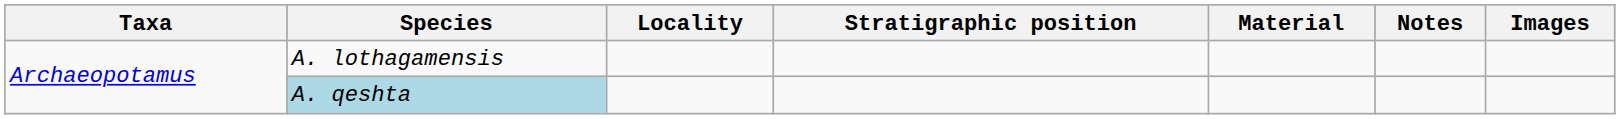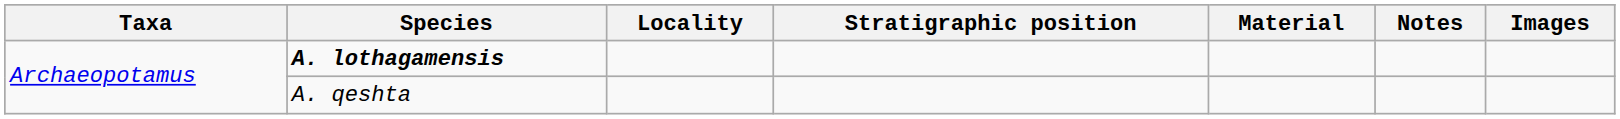 <table class="wikitable sortable" align="center" width="75%">
 <tr>
 <th>Taxa</th>
 <th>Species</th>
 <th>Locality</th>
 <th>Stratigraphic position</th>
 <th>Material</th>
 <th>Notes</th>
 <th>Images</th>
 </tr>
 <tr>
 <td rowspan = "2"><em><a href='#'>Archaeopotamus</a></em></td>
-<td><em>A. lothagamensis</em></td>
+<td><strong><em>A. lothagamensis</em></strong></td>
 <td></td>
 <td></td>
 <td></td>
 <td></td>
 <td></td>
 </tr>
 <tr>
-<td style="background: lightblue;"><em>A. qeshta</em></td>
+<td><em>A. qeshta</em></td>
 <td></td>
 <td></td>
 <td></td>
 <td></td>
 <td></td>
 </tr>
 </table>
